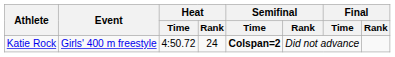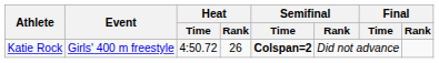 <table class=wikitable style="font-size:90%">
 <tr>
 <th rowspan=2>Athlete</th>
 <th rowspan=2>Event</th>
 <th colspan=2>Heat</th>
 <th colspan=2>Semifinal</th>
 <th colspan=2>Final</th>
 </tr>
 <tr style="font-size:95%">
 <th>Time</th>
 <th>Rank</th>
 <th>Time</th>
 <th>Rank</th>
 <th>Time</th>
 <th>Rank</th>
 </tr>
 <tr align=center>
 <td align=left><a href='#'>Katie Rock</a></td>
 <td align=left><a href='#'>Girls' 400 m freestyle</a></td>
 <td>4:50.72</td>
-<td>24</td>
+<td>26</td>
 <td><strong>Colspan=2 </strong></td>
 <td Colspan=2><em>Did not advance</em></td>
 </tr>
 </table>
